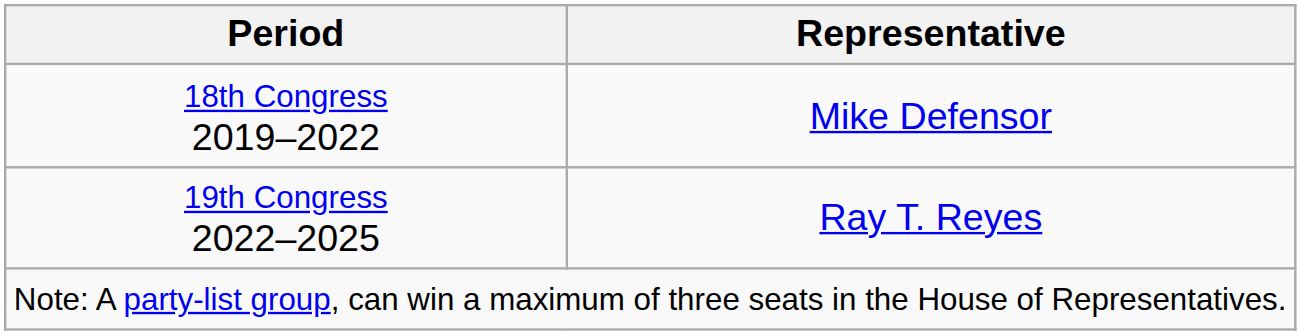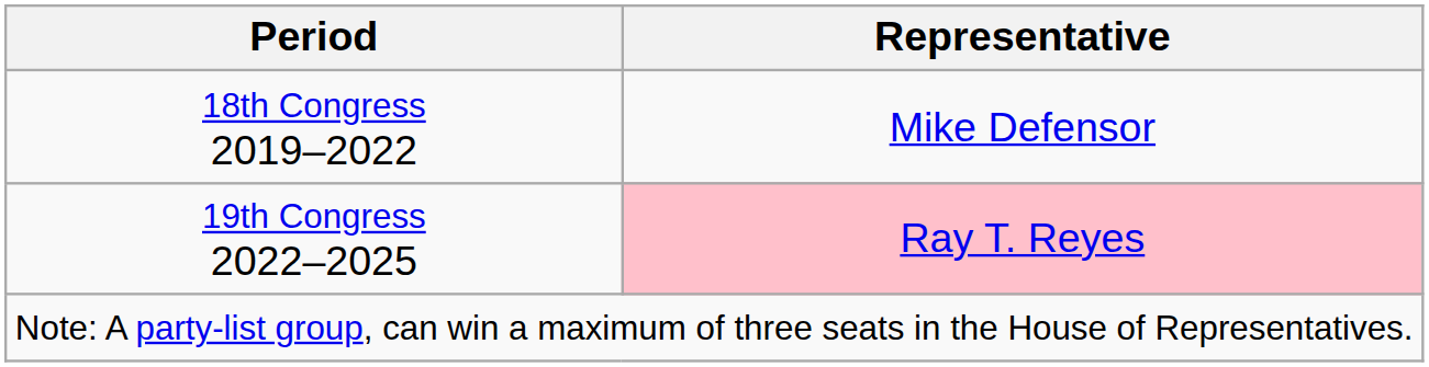 <table class="wikitable"" style="text-align:center">
 <tr>
 <th>Period</th>
 <th>Representative</th>
 </tr>
 <tr>
 <td><small><a href='#'>18th Congress</a></small><br>2019–2022</td>
 <td><a href='#'>Mike Defensor</a></td>
 </tr>
 <tr>
 <td><small><a href='#'>19th Congress</a></small><br>2022–2025</td>
-<td><a href='#'>Ray T. Reyes</a></td>
+<td style="background: pink;"><a href='#'>Ray T. Reyes</a></td>
 </tr>
 <tr>
 <td colspan=3><small>Note: A <a href='#'>party-list group</a>, can win a maximum of three seats in the House of Representatives.</small></td>
 </tr>
 </table>
